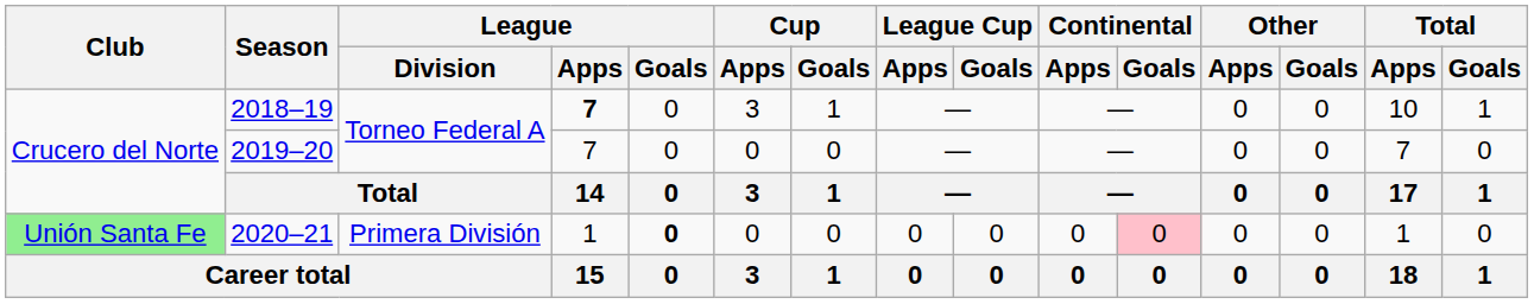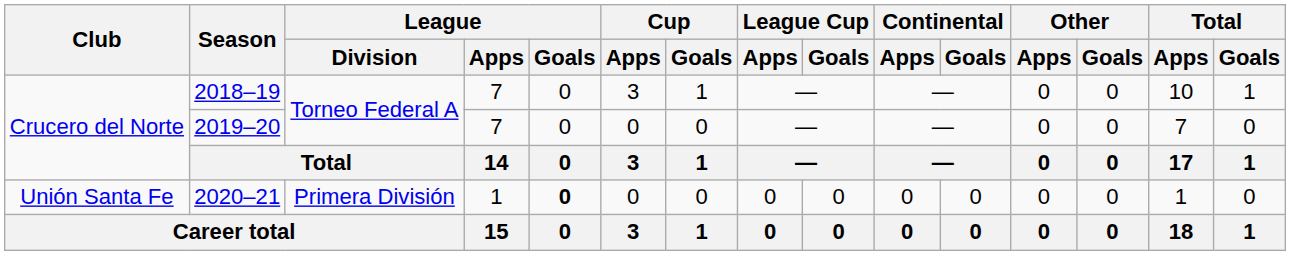 <table class="wikitable" style="text-align:center">
 <tr>
 <th rowspan="2">Club</th>
 <th rowspan="2">Season</th>
 <th colspan="3">League</th>
 <th colspan="2">Cup</th>
 <th colspan="2">League Cup</th>
 <th colspan="2">Continental</th>
 <th colspan="2">Other</th>
 <th colspan="2">Total</th>
 </tr>
 <tr>
 <th>Division</th>
 <th>Apps</th>
 <th>Goals</th>
 <th>Apps</th>
 <th>Goals</th>
 <th>Apps</th>
 <th>Goals</th>
 <th>Apps</th>
 <th>Goals</th>
 <th>Apps</th>
 <th>Goals</th>
 <th>Apps</th>
 <th>Goals</th>
 </tr>
 <tr>
 <td rowspan="3"><a href='#'>Crucero del Norte</a></td>
 <td><a href='#'>2018–19</a></td>
 <td rowspan="2"><a href='#'>Torneo Federal A</a></td>
-<td><strong>7</strong></td>
+<td>7</td>
 <td>0</td>
 <td>3</td>
 <td>1</td>
 <td colspan="2">—</td>
 <td colspan="2">—</td>
 <td>0</td>
 <td>0</td>
 <td>10</td>
 <td>1</td>
 </tr>
 <tr>
 <td><a href='#'>2019–20</a></td>
 <td>7</td>
 <td>0</td>
 <td>0</td>
 <td>0</td>
 <td colspan="2">—</td>
 <td colspan="2">—</td>
 <td>0</td>
 <td>0</td>
 <td>7</td>
 <td>0</td>
 </tr>
 <tr>
 <th colspan="2">Total</th>
 <th>14</th>
 <th>0</th>
 <th>3</th>
 <th>1</th>
 <th colspan="2">—</th>
 <th colspan="2">—</th>
 <th>0</th>
 <th>0</th>
 <th>17</th>
 <th>1</th>
 </tr>
 <tr>
-<td rowspan="1" style="background: lightgreen;"><a href='#'>Unión Santa Fe</a></td>
+<td rowspan="1"><a href='#'>Unión Santa Fe</a></td>
 <td><a href='#'>2020–21</a></td>
 <td rowspan="1"><a href='#'>Primera División</a></td>
 <td>1</td>
 <td><strong>0</strong></td>
 <td>0</td>
 <td>0</td>
 <td>0</td>
 <td>0</td>
 <td>0</td>
-<td style="background: pink;">0</td>
+<td>0</td>
 <td>0</td>
 <td>0</td>
 <td>1</td>
 <td>0</td>
 </tr>
 <tr>
 <th colspan="3">Career total</th>
 <th>15</th>
 <th>0</th>
 <th>3</th>
 <th>1</th>
 <th>0</th>
 <th>0</th>
 <th>0</th>
 <th>0</th>
 <th>0</th>
 <th>0</th>
 <th>18</th>
 <th>1</th>
 </tr>
 </table>
